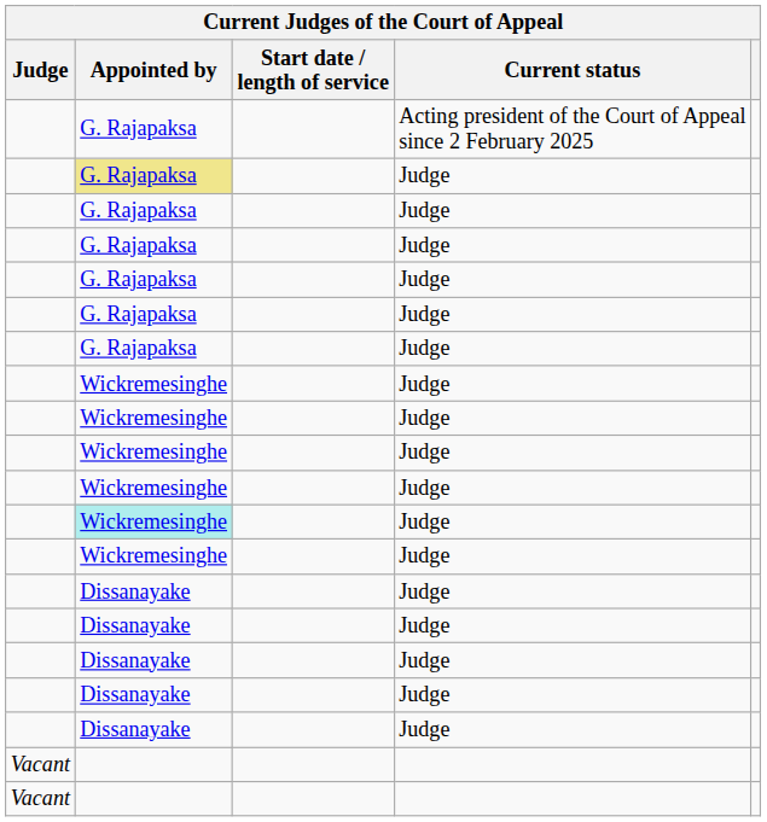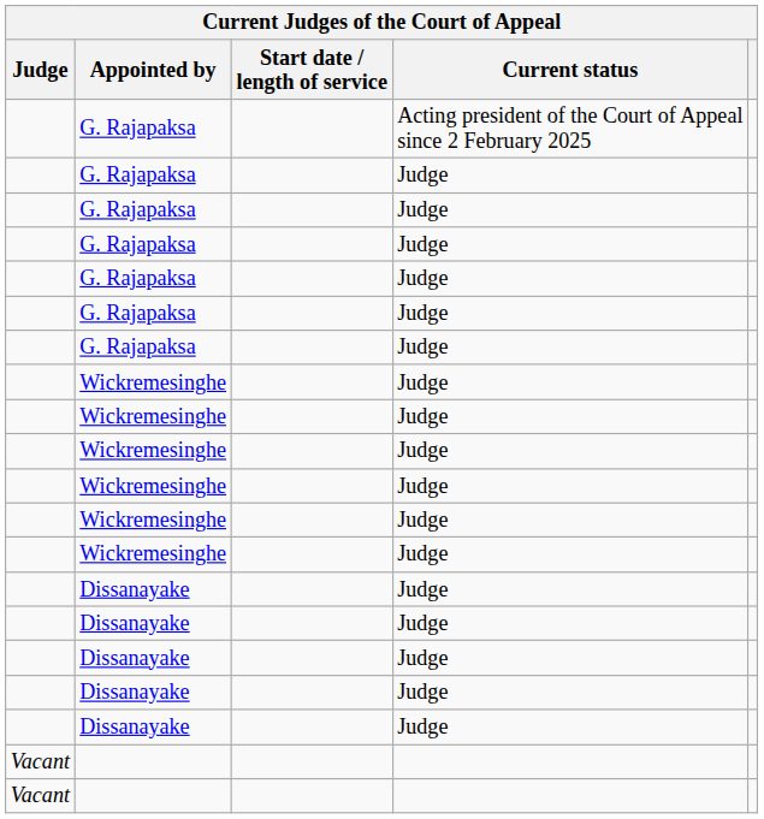 <table class="wikitable sortable sticky-header-multi mw-collapsible" style="font-size:100%; text-align:left">
 <tr>
 <th colspan=5 style="color:; background:;">Current Judges of the Court of Appeal</th>
 </tr>
 <tr>
 <th>Judge</th>
 <th>Appointed by</th>
 <th class="unsortable">Start date /<br> length of service</th>
 <th class="unsortable">Current status</th>
 <th class="unsortable"></th>
 </tr>
 <tr>
 <td></td>
 <td><a href='#'>G. Rajapaksa</a></td>
 <td> <br> </td>
 <td>Acting president of the Court of Appeal <br> since 2 February 2025</td>
 <td><br></td>
 </tr>
 <tr>
 <td></td>
-<td style="background: khaki;"><a href='#'>G. Rajapaksa</a></td>
+<td><a href='#'>G. Rajapaksa</a></td>
 <td> <br> </td>
 <td>Judge</td>
 <td></td>
 </tr>
 <tr>
 <td></td>
 <td><a href='#'>G. Rajapaksa</a></td>
 <td> <br> </td>
 <td>Judge</td>
 <td></td>
 </tr>
 <tr>
 <td></td>
 <td><a href='#'>G. Rajapaksa</a></td>
 <td> <br> </td>
 <td>Judge</td>
 <td></td>
 </tr>
 <tr>
 <td></td>
 <td><a href='#'>G. Rajapaksa</a></td>
 <td> <br> </td>
 <td>Judge</td>
 <td></td>
 </tr>
 <tr>
 <td></td>
 <td><a href='#'>G. Rajapaksa</a></td>
 <td> <br> </td>
 <td>Judge</td>
 <td></td>
 </tr>
 <tr>
 <td></td>
 <td><a href='#'>G. Rajapaksa</a></td>
 <td> <br> </td>
 <td>Judge</td>
 <td></td>
 </tr>
 <tr>
 <td></td>
 <td><a href='#'>Wickremesinghe</a></td>
 <td> <br> </td>
 <td>Judge</td>
 <td></td>
 </tr>
 <tr>
 <td></td>
 <td><a href='#'>Wickremesinghe</a></td>
 <td> <br> </td>
 <td>Judge</td>
 <td></td>
 </tr>
 <tr>
 <td></td>
 <td><a href='#'>Wickremesinghe</a></td>
 <td> <br> </td>
 <td>Judge</td>
 <td></td>
 </tr>
 <tr>
 <td></td>
 <td><a href='#'>Wickremesinghe</a></td>
 <td> <br> </td>
 <td>Judge</td>
 <td></td>
 </tr>
 <tr>
 <td></td>
-<td style="background: paleturquoise;"><a href='#'>Wickremesinghe</a></td>
+<td><a href='#'>Wickremesinghe</a></td>
 <td> <br> </td>
 <td>Judge</td>
 <td></td>
 </tr>
 <tr>
 <td></td>
 <td><a href='#'>Wickremesinghe</a></td>
 <td> <br> </td>
 <td>Judge</td>
 <td></td>
 </tr>
 <tr>
 <td></td>
 <td><a href='#'>Dissanayake</a></td>
 <td> <br> </td>
 <td>Judge</td>
 <td></td>
 </tr>
 <tr>
 <td></td>
 <td><a href='#'>Dissanayake</a></td>
 <td> <br> </td>
 <td>Judge</td>
 <td></td>
 </tr>
 <tr>
 <td></td>
 <td><a href='#'>Dissanayake</a></td>
 <td> <br> </td>
 <td>Judge</td>
 <td></td>
 </tr>
 <tr>
 <td></td>
 <td><a href='#'>Dissanayake</a></td>
 <td> <br> </td>
 <td>Judge</td>
 <td></td>
 </tr>
 <tr>
 <td></td>
 <td><a href='#'>Dissanayake</a></td>
 <td> <br> </td>
 <td>Judge</td>
 <td></td>
 </tr>
 <tr>
 <td><em>Vacant</em></td>
 <td></td>
 <td></td>
 <td></td>
 <td></td>
 </tr>
 <tr>
 <td><em>Vacant</em></td>
 <td></td>
 <td></td>
 <td></td>
 <td></td>
 </tr>
 </table>
